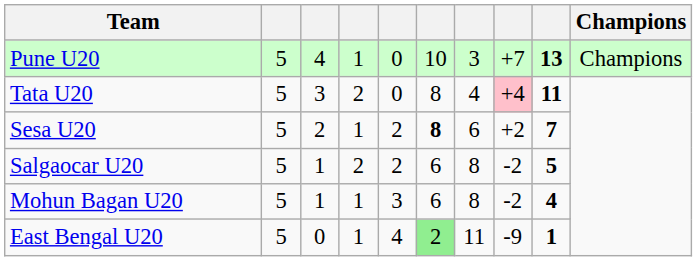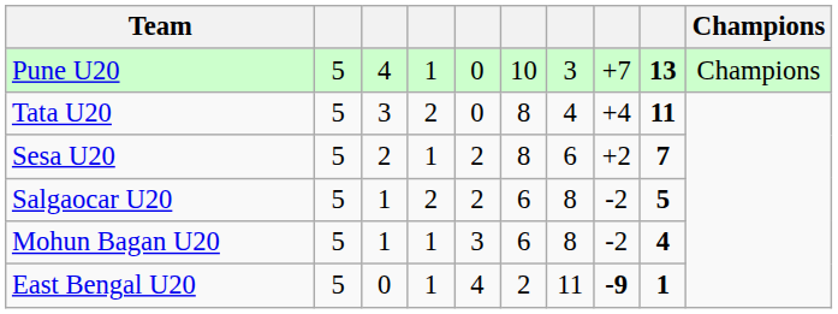 <table class="wikitable" style="text-align:center">
 <tr>
 <th width="175">Team</th>
 <th width="20"></th>
 <th width="20"></th>
 <th width="20"></th>
 <th width="20"></th>
 <th width="20"></th>
 <th width="20"></th>
 <th width="20"></th>
 <th width="20"></th>
 <th width="20">Champions</th>
 </tr>
 <tr bgcolor="#ccffcc">
 <td align=left><a href='#'>Pune U20</a></td>
 <td>5</td>
 <td>4</td>
 <td>1</td>
 <td>0</td>
 <td>10</td>
 <td>3</td>
 <td>+7</td>
 <td><strong>13</strong></td>
 <td>Champions</td>
 </tr>
 <tr>
 <td align=left><a href='#'>Tata U20</a></td>
 <td>5</td>
 <td>3</td>
 <td>2</td>
 <td>0</td>
 <td>8</td>
 <td>4</td>
-<td style="background: pink;">+4</td>
+<td>+4</td>
 <td><strong>11</strong></td>
 </tr>
 <tr>
 <td align=left><a href='#'>Sesa U20</a></td>
 <td>5</td>
 <td>2</td>
 <td>1</td>
 <td>2</td>
-<td><strong>8</strong></td>
+<td>8</td>
 <td>6</td>
 <td>+2</td>
 <td><strong>7</strong></td>
 </tr>
 <tr>
 <td align=left><a href='#'>Salgaocar U20</a></td>
 <td>5</td>
 <td>1</td>
 <td>2</td>
 <td>2</td>
 <td>6</td>
 <td>8</td>
 <td>-2</td>
 <td><strong>5</strong></td>
 </tr>
 <tr>
 <td align=left><a href='#'>Mohun Bagan U20</a></td>
 <td>5</td>
 <td>1</td>
 <td>1</td>
 <td>3</td>
 <td>6</td>
 <td>8</td>
 <td>-2</td>
 <td><strong>4</strong></td>
 </tr>
 <tr>
 <td align=left><a href='#'>East Bengal U20</a></td>
 <td>5</td>
 <td>0</td>
 <td>1</td>
 <td>4</td>
-<td style="background: lightgreen;">2</td>
+<td>2</td>
 <td>11</td>
-<td>-9</td>
+<td><strong>-9</strong></td>
 <td><strong>1</strong></td>
 </tr>
 </table>
